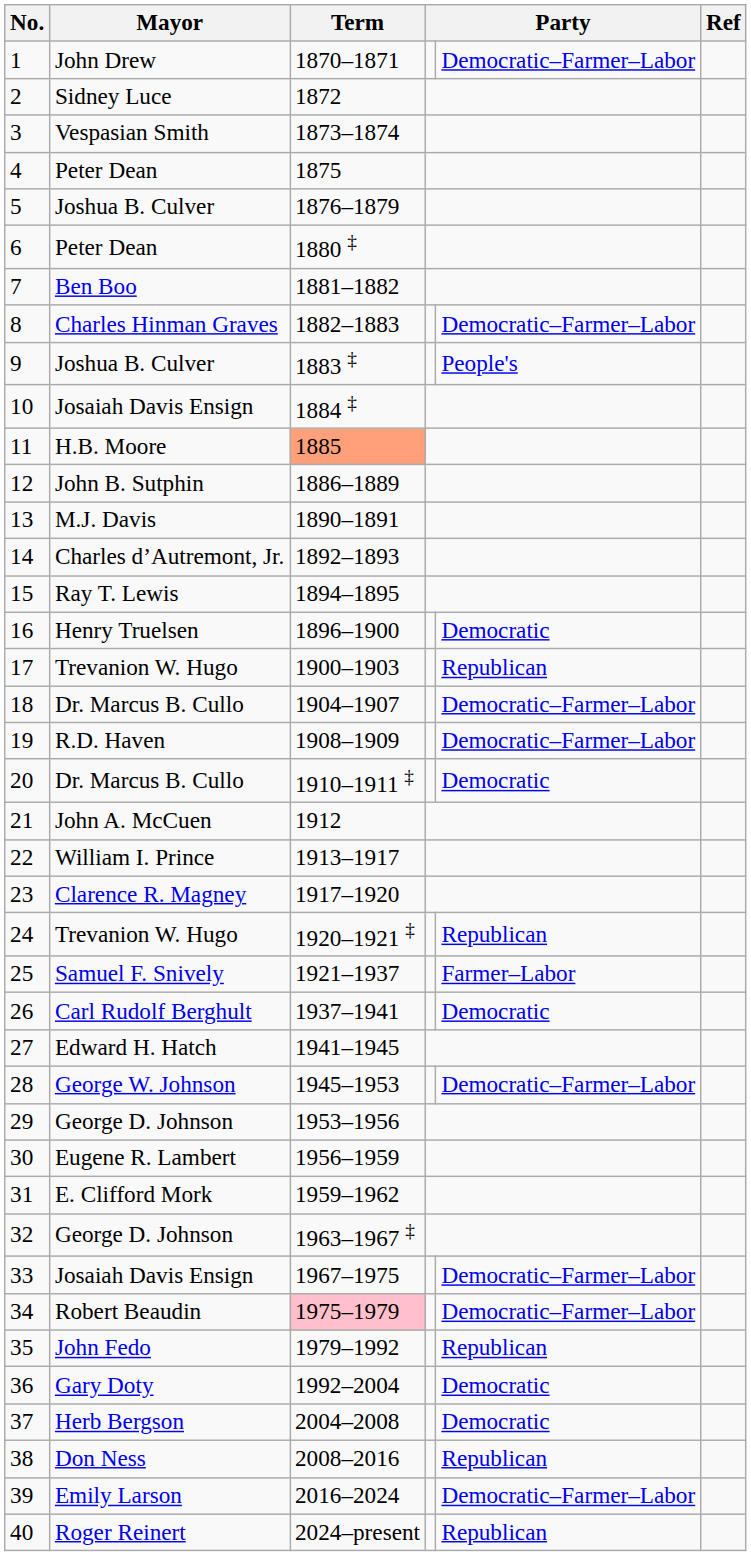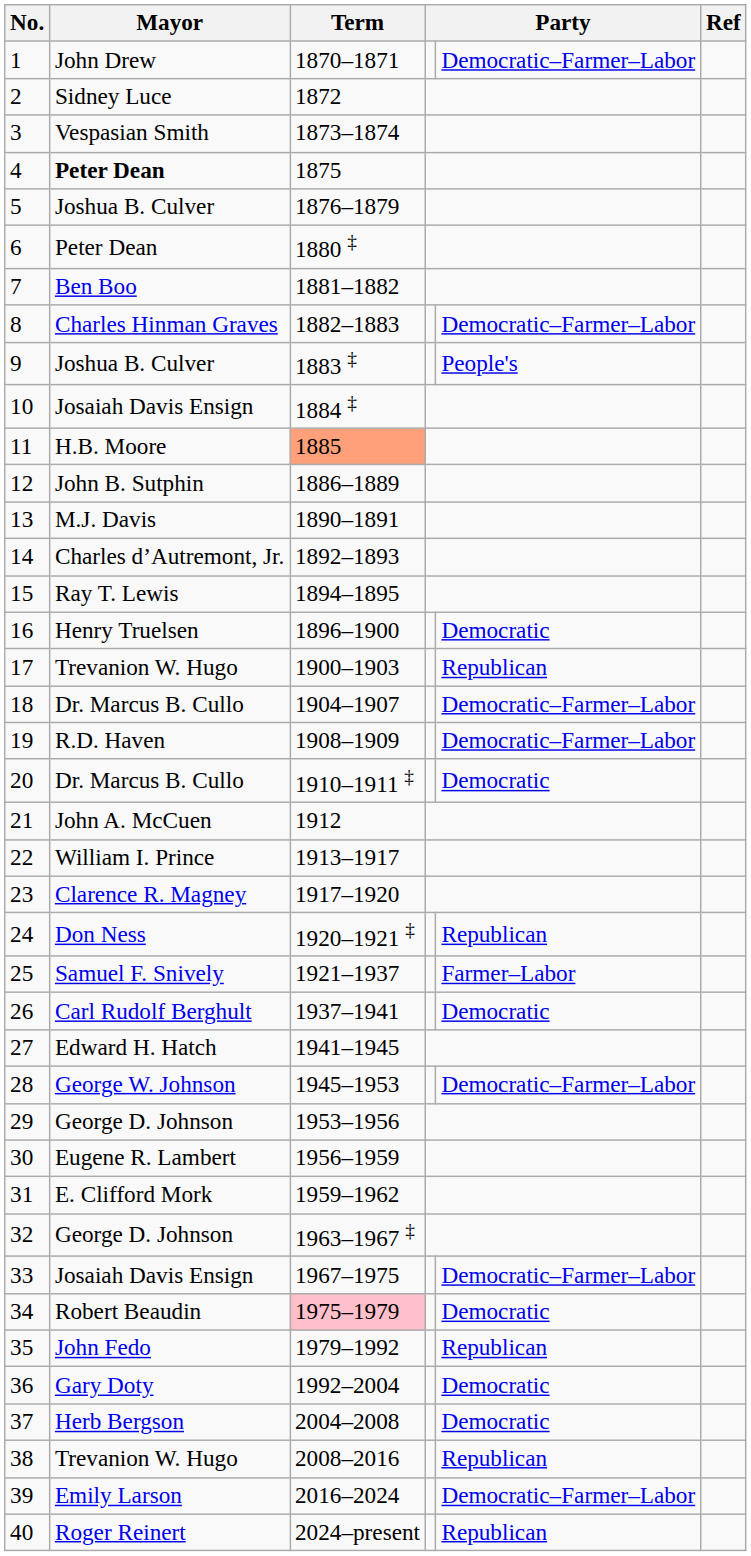 <table class="wikitable sortable">
 <tr>
 <th>No.</th>
 <th>Mayor</th>
 <th>Term</th>
 <th colspan="2">Party</th>
 <th>Ref</th>
 </tr>
 <tr>
 <td>1</td>
 <td>John Drew</td>
 <td>1870–1871</td>
 <td style="background:"></td>
 <td><a href='#'>Democratic–Farmer–Labor</a></td>
 <td></td>
 </tr>
 <tr>
 <td>2</td>
 <td>Sidney Luce</td>
 <td>1872</td>
 <td colspan="2"></td>
 <td></td>
 </tr>
 <tr>
 <td>3</td>
 <td>Vespasian Smith</td>
 <td>1873–1874</td>
 <td colspan="2"></td>
 <td></td>
 </tr>
 <tr>
 <td>4</td>
-<td>Peter Dean</td>
+<td><strong>Peter Dean</strong></td>
 <td>1875</td>
 <td colspan="2"></td>
 <td></td>
 </tr>
 <tr>
 <td>5</td>
 <td>Joshua B. Culver</td>
 <td>1876–1879</td>
 <td colspan="2"></td>
 <td></td>
 </tr>
 <tr>
 <td>6</td>
 <td>Peter Dean</td>
 <td>1880 <sup>‡</sup></td>
 <td colspan="2"></td>
 <td></td>
 </tr>
 <tr>
 <td>7</td>
 <td><a href='#'>Ben Boo</a></td>
 <td>1881–1882</td>
 <td colspan="2"></td>
 <td></td>
 </tr>
 <tr>
 <td>8</td>
 <td><a href='#'>Charles Hinman Graves</a></td>
 <td>1882–1883</td>
 <td style="background:"></td>
 <td><a href='#'>Democratic–Farmer–Labor</a></td>
 <td></td>
 </tr>
 <tr>
 <td>9</td>
 <td>Joshua B. Culver</td>
 <td>1883 <sup>‡</sup></td>
 <td style="background:"></td>
 <td><a href='#'>People's</a></td>
 <td></td>
 </tr>
 <tr>
 <td>10</td>
 <td>Josaiah Davis Ensign</td>
 <td>1884 <sup>‡</sup></td>
 <td colspan="2"></td>
 <td></td>
 </tr>
 <tr>
 <td>11</td>
 <td>H.B. Moore</td>
 <td style="background: lightsalmon;">1885</td>
 <td colspan="2"></td>
 <td></td>
 </tr>
 <tr>
 <td>12</td>
 <td>John B. Sutphin</td>
 <td>1886–1889</td>
 <td colspan="2"></td>
 <td></td>
 </tr>
 <tr>
 <td>13</td>
 <td>M.J. Davis</td>
 <td>1890–1891</td>
 <td colspan="2"></td>
 <td></td>
 </tr>
 <tr>
 <td>14</td>
 <td>Charles d’Autremont, Jr.</td>
 <td>1892–1893</td>
 <td colspan="2"></td>
 <td></td>
 </tr>
 <tr>
 <td>15</td>
 <td>Ray T. Lewis</td>
 <td>1894–1895</td>
 <td colspan="2"></td>
 <td></td>
 </tr>
 <tr>
 <td>16</td>
 <td>Henry Truelsen</td>
 <td>1896–1900</td>
 <td style="background:"></td>
 <td><a href='#'>Democratic</a></td>
 <td></td>
 </tr>
 <tr>
 <td>17</td>
 <td>Trevanion W. Hugo</td>
 <td>1900–1903</td>
 <td style="background:"></td>
 <td><a href='#'>Republican</a></td>
 <td></td>
 </tr>
 <tr>
 <td>18</td>
 <td>Dr. Marcus B. Cullo</td>
 <td>1904–1907</td>
 <td style="background:"></td>
 <td><a href='#'>Democratic–Farmer–Labor</a></td>
 <td></td>
 </tr>
 <tr>
 <td>19</td>
 <td>R.D. Haven</td>
 <td>1908–1909</td>
 <td style="background:"></td>
 <td><a href='#'>Democratic–Farmer–Labor</a></td>
 <td></td>
 </tr>
 <tr>
 <td>20</td>
 <td>Dr. Marcus B. Cullo</td>
 <td>1910–1911 <sup>‡</sup></td>
 <td style="background:"></td>
 <td><a href='#'>Democratic</a></td>
 <td></td>
 </tr>
 <tr>
 <td>21</td>
 <td>John A. McCuen</td>
 <td>1912</td>
 <td colspan="2"></td>
 <td></td>
 </tr>
 <tr>
 <td>22</td>
 <td>William I. Prince</td>
 <td>1913–1917</td>
 <td colspan="2"></td>
 <td></td>
 </tr>
 <tr>
 <td>23</td>
 <td><a href='#'>Clarence R. Magney</a></td>
 <td>1917–1920</td>
 <td colspan="2"></td>
 <td></td>
 </tr>
 <tr>
 <td>24</td>
-<td>Trevanion W. Hugo</td>
+<td><a href='#'>Don Ness</a></td>
 <td>1920–1921 <sup>‡</sup></td>
 <td style="background:"></td>
 <td><a href='#'>Republican</a></td>
 <td></td>
 </tr>
 <tr>
 <td>25</td>
 <td><a href='#'>Samuel F. Snively</a></td>
 <td>1921–1937</td>
 <td style="background:"></td>
 <td><a href='#'>Farmer–Labor</a></td>
 <td></td>
 </tr>
 <tr>
 <td>26</td>
 <td><a href='#'>Carl Rudolf Berghult</a></td>
 <td>1937–1941</td>
 <td style="background:"></td>
 <td><a href='#'>Democratic</a></td>
 <td></td>
 </tr>
 <tr>
 <td>27</td>
 <td>Edward H. Hatch</td>
 <td>1941–1945</td>
 <td colspan="2"></td>
 <td></td>
 </tr>
 <tr>
 <td>28</td>
 <td><a href='#'>George W. Johnson</a></td>
 <td>1945–1953</td>
 <td style="background:"></td>
 <td><a href='#'>Democratic–Farmer–Labor</a></td>
 <td></td>
 </tr>
 <tr>
 <td>29</td>
 <td>George D. Johnson</td>
 <td>1953–1956</td>
 <td colspan="2"></td>
 <td></td>
 </tr>
 <tr>
 <td>30</td>
 <td>Eugene R. Lambert</td>
 <td>1956–1959</td>
 <td colspan="2"></td>
 <td></td>
 </tr>
 <tr>
 <td>31</td>
 <td>E. Clifford Mork</td>
 <td>1959–1962</td>
 <td colspan="2"></td>
 <td></td>
 </tr>
 <tr>
 <td>32</td>
 <td>George D. Johnson</td>
 <td>1963–1967 <sup>‡</sup></td>
 <td colspan="2"></td>
 <td></td>
 </tr>
 <tr>
 <td>33</td>
 <td>Josaiah Davis Ensign</td>
 <td>1967–1975</td>
 <td style="background:"></td>
 <td><a href='#'>Democratic–Farmer–Labor</a></td>
 <td></td>
 </tr>
 <tr>
 <td>34</td>
 <td>Robert Beaudin</td>
 <td style="background: pink;">1975–1979</td>
 <td style="background:"></td>
-<td><a href='#'>Democratic–Farmer–Labor</a></td>
+<td><a href='#'>Democratic</a></td>
 <td></td>
 </tr>
 <tr>
 <td>35</td>
 <td><a href='#'>John Fedo</a></td>
 <td>1979–1992</td>
 <td style="background:"></td>
 <td><a href='#'>Republican</a></td>
 <td></td>
 </tr>
 <tr>
 <td>36</td>
 <td><a href='#'>Gary Doty</a></td>
 <td>1992–2004</td>
 <td style="background:"></td>
 <td><a href='#'>Democratic</a></td>
 <td></td>
 </tr>
 <tr>
 <td>37</td>
 <td><a href='#'>Herb Bergson</a></td>
 <td>2004–2008</td>
 <td style="background:"></td>
 <td><a href='#'>Democratic</a></td>
 <td></td>
 </tr>
 <tr>
 <td>38</td>
-<td><a href='#'>Don Ness</a></td>
+<td>Trevanion W. Hugo</td>
 <td>2008–2016</td>
 <td style="background:"></td>
 <td><a href='#'>Republican</a></td>
 <td></td>
 </tr>
 <tr>
 <td>39</td>
 <td><a href='#'>Emily Larson</a></td>
 <td>2016–2024</td>
 <td style="background:"></td>
 <td><a href='#'>Democratic–Farmer–Labor</a></td>
 <td></td>
 </tr>
 <tr>
 <td>40</td>
 <td><a href='#'>Roger Reinert</a></td>
 <td>2024–present</td>
 <td style="background:"></td>
 <td><a href='#'>Republican</a></td>
 <td></td>
 </tr>
 </table>
